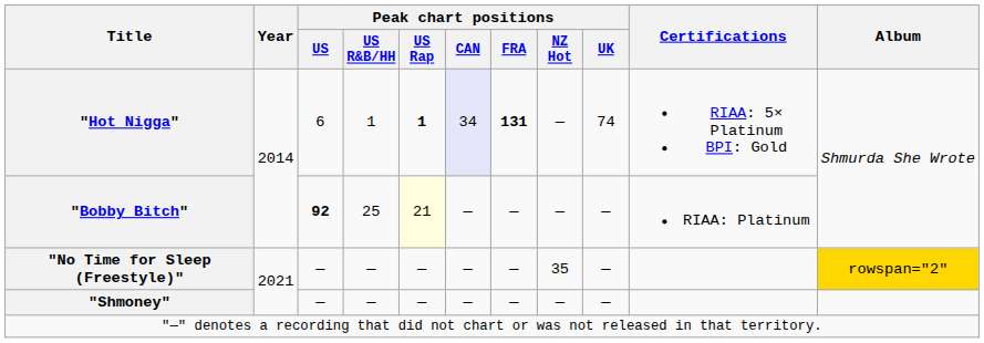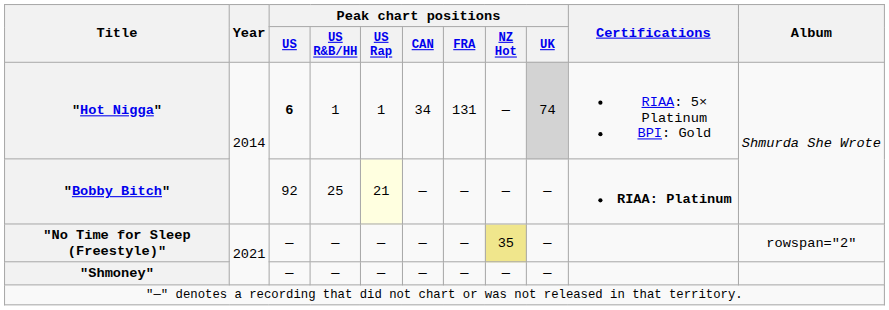 <table class="wikitable plainrowheaders" style="text-align:center;">
 <tr>
 <th scope="col" rowspan="2" style="width:16em;">Title</th>
 <th scope="col" rowspan="2">Year</th>
 <th scope="col" colspan="7">Peak chart positions</th>
 <th scope="col" rowspan="2" style="width:12em;"><a href='#'>Certifications</a></th>
 <th scope="col" rowspan="2">Album</th>
 </tr>
 <tr>
 <th scope="col" style="width:2.9em;font-size:90%;"><a href='#'>US</a><br></th>
 <th scope="col" style="width:2.9em;font-size:90%;"><a href='#'>US<br>R&B/HH</a><br></th>
 <th scope="col" style="width:2.9em;font-size:90%;"><a href='#'>US<br>Rap</a><br></th>
 <th scope="col" style="width:2.9em;font-size:90%;"><a href='#'>CAN</a><br></th>
 <th scope="col" style="width:2.9em;font-size:90%;"><a href='#'>FRA</a><br></th>
 <th scope="col" style="width:2.9em;font-size:90%;"><a href='#'>NZ<br>Hot</a><br></th>
 <th scope="col" style="width:2.9em;font-size:90%;"><a href='#'>UK</a><br></th>
 </tr>
 <tr>
 <th scope="row">"<a href='#'>Hot Nigga</a>"</th>
 <td rowspan="2">2014</td>
-<td>6</td>
+<td><strong>6</strong></td>
 <td>1</td>
-<td><strong>1</strong></td>
-<td style="background: lavender;">34</td>
-<td><strong>131</strong></td>
+<td>1</td>
+<td>34</td>
+<td>131</td>
 <td>—</td>
-<td>74</td>
+<td style="background: lightgrey;">74</td>
 <td><br><ul><li><a href='#'>RIAA</a>: 5× Platinum</li><li><a href='#'>BPI</a>: Gold</li></ul></td>
 <td rowspan="2"><em>Shmurda She Wrote</em></td>
 </tr>
 <tr>
 <th scope="row">"<a href='#'>Bobby Bitch</a>"</th>
-<td><strong>92</strong></td>
+<td>92</td>
 <td>25</td>
 <td style="background: lightyellow;">21</td>
 <td>—</td>
 <td>—</td>
 <td>—</td>
 <td>—</td>
-<td><br><ul><li>RIAA: Platinum</li></ul></td>
+<td><strong><br><ul><li>RIAA: Platinum</li></ul></strong></td>
 </tr>
 <tr>
 <th scope="row">"No Time for Sleep (Freestyle)"</th>
 <td rowspan="2">2021</td>
 <td>—</td>
 <td>—</td>
 <td>—</td>
 <td>—</td>
 <td>—</td>
-<td>35</td>
+<td style="background: khaki;">35</td>
 <td>—</td>
 <td></td>
-<td style="background: gold;">rowspan="2" </td>
+<td>rowspan="2" </td>
 </tr>
 <tr>
 <th scope="row">"Shmoney"<br></th>
 <td>—</td>
 <td>—</td>
 <td>—</td>
 <td>—</td>
 <td>—</td>
 <td>—</td>
 <td>—</td>
 <td></td>
 </tr>
 <tr>
 <td colspan="14" style="font-size:90%">"—" denotes a recording that did not chart or was not released in that territory.</td>
 </tr>
 </table>
